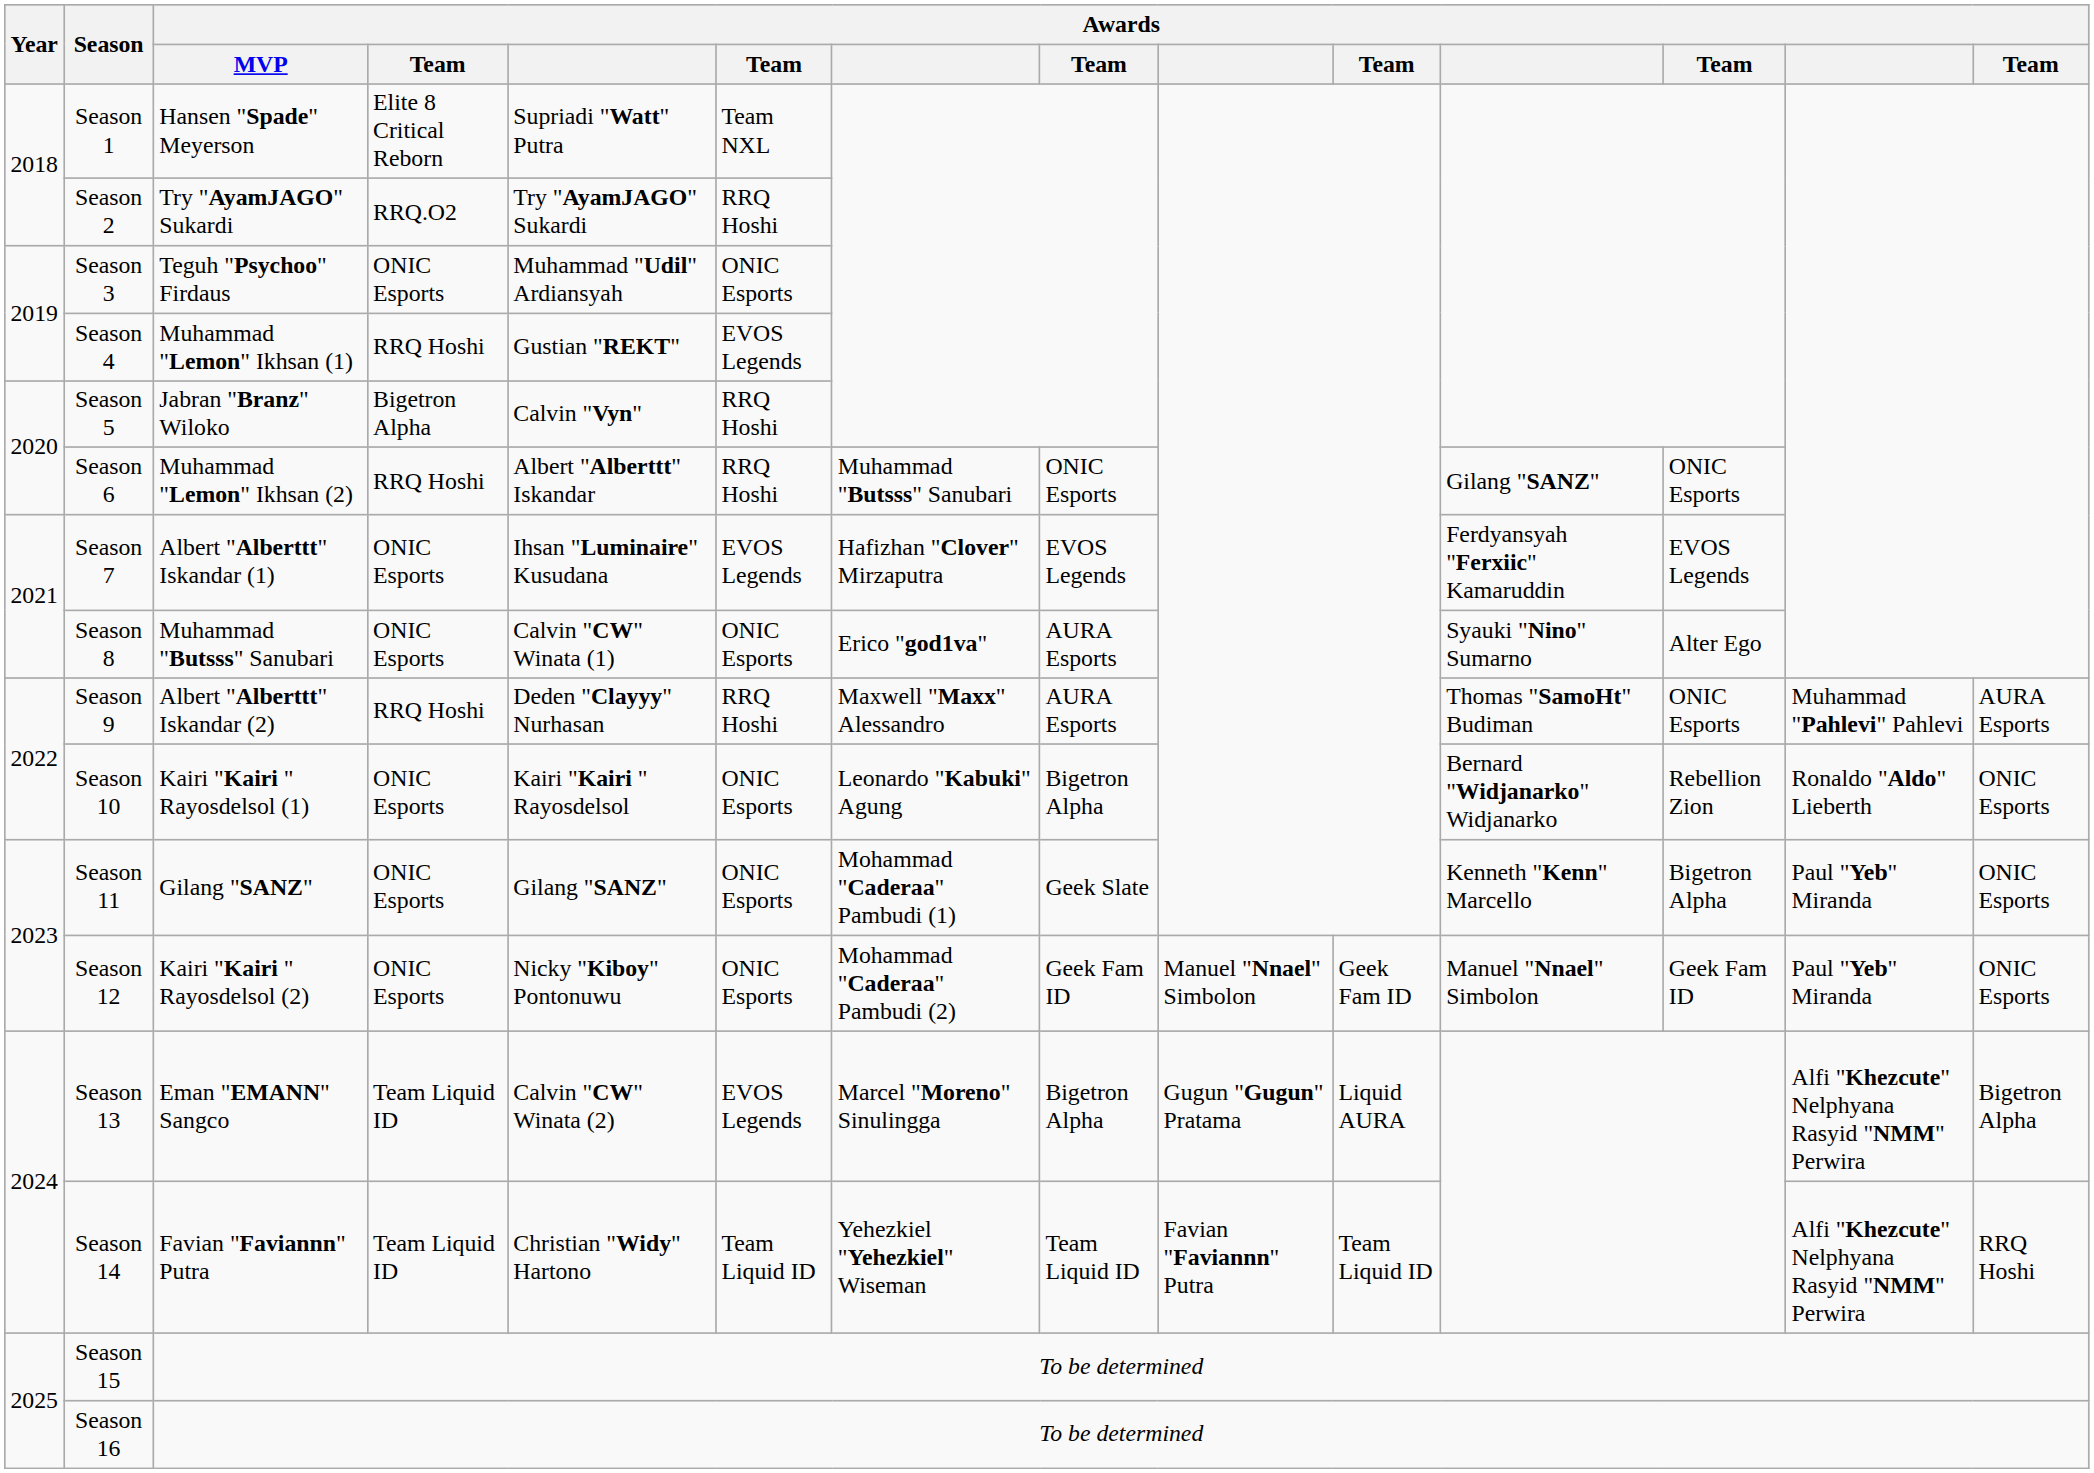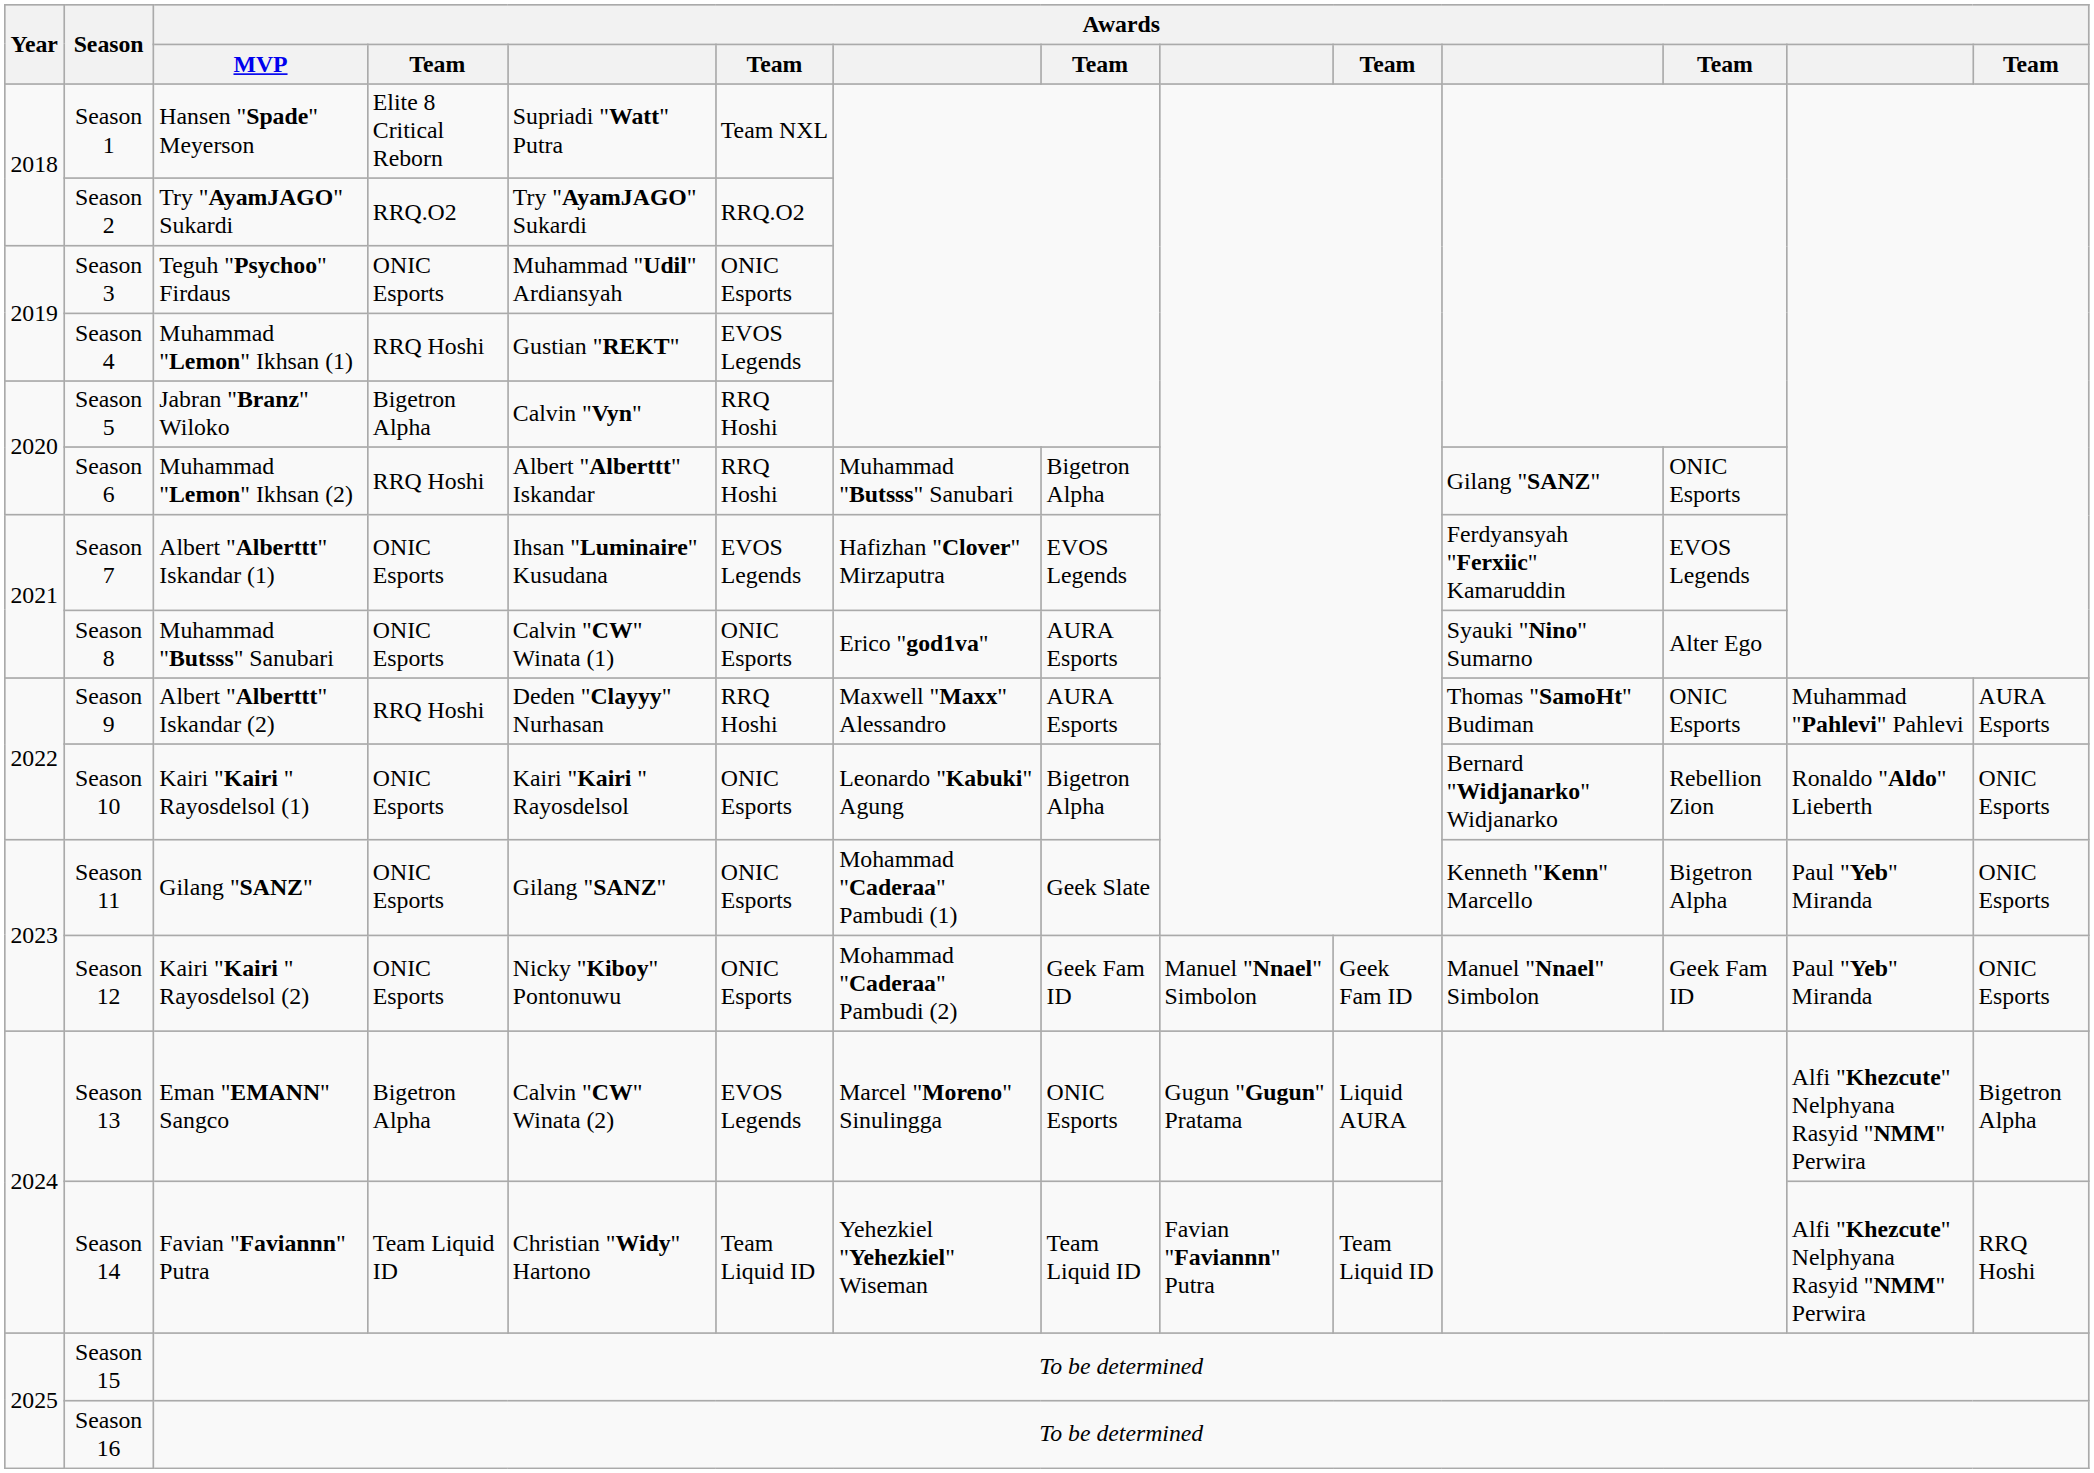 <table class="wikitable" style="margin-left:auto; margin-right: auto; font-size:90%;">
 <tr>
 <th rowspan="2">Year</th>
 <th rowspan="2">Season</th>
 <th colspan="12">Awards</th>
 </tr>
 <tr>
 <th><a href='#'>MVP</a></th>
 <th>Team</th>
 <th></th>
 <th>Team</th>
 <th></th>
 <th>Team</th>
 <th></th>
 <th>Team</th>
 <th></th>
 <th>Team</th>
 <th></th>
 <th>Team</th>
 </tr>
 <tr>
 <td rowspan="2" style="text-align:center;">2018</td>
 <td style="text-align:center;">Season 1</td>
 <td> Hansen "<strong>Spade</strong>" Meyerson</td>
 <td>Elite 8 Critical Reborn</td>
 <td> Supriadi "<strong>Watt</strong>" Putra</td>
 <td>Team NXL</td>
 <td colspan="2" rowspan="5" style="text-align:center;"></td>
 <td colspan="2" rowspan="11" style="text-align:center;"></td>
 <td colspan="2" rowspan="5" style="text-align:center;"></td>
 <td colspan="2" rowspan="8" style="text-align:center;"></td>
 </tr>
 <tr>
 <td style="text-align:center;">Season 2</td>
 <td> Try "<strong>AyamJAGO</strong>" Sukardi</td>
 <td> RRQ.O2</td>
 <td> Try "<strong>AyamJAGO</strong>" Sukardi</td>
-<td> RRQ Hoshi</td>
+<td> RRQ.O2</td>
 </tr>
 <tr>
 <td rowspan="2" style="text-align:center;">2019</td>
 <td style="text-align:center;">Season 3</td>
 <td> Teguh "<strong>Psychoo</strong>" Firdaus</td>
 <td>ONIC Esports</td>
 <td> Muhammad  "<strong>Udil</strong>" Ardiansyah</td>
 <td>ONIC Esports</td>
 </tr>
 <tr>
 <td style="text-align:center;">Season 4</td>
 <td> Muhammad "<strong>Lemon</strong>" Ikhsan (1)</td>
 <td> RRQ Hoshi</td>
 <td> Gustian "<strong>REKT</strong>"</td>
 <td EVOS Esports>EVOS Legends</td>
 </tr>
 <tr>
 <td rowspan="2">2020</td>
 <td style="text-align:center;">Season 5</td>
 <td> Jabran "<strong>Branz</strong>" Wiloko</td>
 <td>Bigetron Alpha</td>
 <td> Calvin "<strong>Vyn</strong>"</td>
 <td> RRQ Hoshi</td>
 </tr>
 <tr>
 <td style="text-align:center;">Season 6</td>
 <td> Muhammad "<strong>Lemon</strong>" Ikhsan (2)</td>
 <td> RRQ Hoshi</td>
 <td> Albert "<strong>Alberttt</strong>" Iskandar</td>
 <td> RRQ Hoshi</td>
 <td> Muhammad  "<strong>Butsss</strong>" Sanubari</td>
-<td>ONIC Esports</td>
+<td>Bigetron Alpha</td>
 <td> Gilang "<strong>SANZ</strong>"</td>
 <td>ONIC Esports</td>
 </tr>
 <tr>
 <td rowspan="2">2021</td>
 <td style="text-align:center;">Season 7</td>
 <td> Albert "<strong>Alberttt</strong>" Iskandar (1)</td>
 <td>ONIC Esports</td>
 <td> Ihsan "<strong>Luminaire</strong>" Kusudana</td>
 <td>EVOS Legends</td>
 <td> Hafizhan "<strong>Clover</strong>" Mirzaputra</td>
 <td>EVOS Legends</td>
 <td> Ferdyansyah "<strong>Ferxiic</strong>" Kamaruddin</td>
 <td>EVOS Legends</td>
 </tr>
 <tr>
 <td style="text-align:center;">Season 8</td>
 <td> Muhammad  "<strong>Butsss</strong>" Sanubari</td>
 <td>ONIC Esports</td>
 <td> Calvin "<strong>CW</strong>" Winata (1)</td>
 <td>ONIC Esports</td>
 <td> Erico "<strong>god1va</strong>"</td>
 <td>AURA Esports</td>
 <td> Syauki "<strong>Nino</strong>" Sumarno</td>
 <td>Alter Ego</td>
 </tr>
 <tr>
 <td rowspan="2">2022</td>
 <td style="text-align:center;">Season 9</td>
 <td> Albert "<strong>Alberttt</strong>" Iskandar (2)</td>
 <td> RRQ Hoshi</td>
 <td> Deden "<strong>Clayyy</strong>" Nurhasan</td>
 <td> RRQ Hoshi</td>
 <td> Maxwell "<strong>Maxx</strong>" Alessandro</td>
 <td>AURA Esports</td>
 <td> Thomas "<strong>SamoHt</strong>" Budiman</td>
 <td>ONIC Esports</td>
 <td> Muhammad "<strong>Pahlevi</strong>" Pahlevi</td>
 <td>AURA Esports</td>
 </tr>
 <tr>
 <td style="text-align:center;">Season 10</td>
 <td> Kairi "<strong>Kairi </strong>" Rayosdelsol (1)</td>
 <td>ONIC Esports</td>
 <td> Kairi "<strong>Kairi </strong>" Rayosdelsol</td>
 <td>ONIC Esports</td>
 <td> Leonardo "<strong>Kabuki</strong>" Agung</td>
 <td>Bigetron Alpha</td>
 <td> Bernard "<strong>Widjanarko</strong>" Widjanarko</td>
 <td>Rebellion Zion</td>
 <td> Ronaldo "<strong>Aldo</strong>" Lieberth</td>
 <td>ONIC Esports</td>
 </tr>
 <tr>
 <td rowspan="2">2023</td>
 <td style="text-align:center;">Season 11</td>
 <td> Gilang "<strong>SANZ</strong>"</td>
 <td>ONIC Esports</td>
 <td> Gilang "<strong>SANZ</strong>"</td>
 <td>ONIC Esports</td>
 <td> Mohammad "<strong>Caderaa</strong>" Pambudi (1)</td>
 <td>Geek Slate</td>
 <td> Kenneth "<strong>Kenn</strong>" Marcello</td>
 <td>Bigetron Alpha</td>
 <td> Paul "<strong>Yeb</strong>" Miranda</td>
 <td>ONIC Esports</td>
 </tr>
 <tr>
 <td style="text-align:center;">Season 12</td>
 <td> Kairi "<strong>Kairi </strong>" Rayosdelsol (2)</td>
 <td>ONIC Esports</td>
 <td> Nicky "<strong>Kiboy</strong>" Pontonuwu</td>
 <td>ONIC Esports</td>
 <td> Mohammad "<strong>Caderaa</strong>" Pambudi  (2)</td>
 <td>Geek Fam ID</td>
 <td> Manuel "<strong>Nnael</strong>" Simbolon</td>
 <td>Geek Fam ID</td>
 <td> Manuel "<strong>Nnael</strong>" Simbolon</td>
 <td>Geek Fam ID</td>
 <td> Paul "<strong>Yeb</strong>" Miranda</td>
 <td>ONIC Esports</td>
 </tr>
 <tr>
 <td rowspan="2">2024</td>
 <td style="text-align:center;">Season 13</td>
 <td> Eman "<strong>EMANN</strong>" Sangco</td>
-<td>Team Liquid ID</td>
+<td>Bigetron Alpha</td>
 <td> Calvin "<strong>CW</strong>" Winata (2)</td>
 <td EVOS Esports>EVOS Legends</td>
 <td> Marcel "<strong>Moreno</strong>" Sinulingga</td>
-<td>Bigetron Alpha</td>
+<td>ONIC Esports</td>
 <td> Gugun "<strong>Gugun</strong>" Pratama</td>
 <td>Liquid AURA</td>
 <td colspan="2" rowspan="2" style="text-align:center;"></td>
 <td><div><br> Alfi "<strong>Khezcute</strong>" Nelphyana<br>  Rasyid "<strong>NMM</strong>" Perwira </div></td>
 <td>Bigetron Alpha</td>
 </tr>
 <tr>
 <td style="text-align:center;">Season 14</td>
 <td> Favian "<strong>Faviannn</strong>" Putra</td>
 <td>Team Liquid ID</td>
 <td> Christian "<strong>Widy</strong>" Hartono</td>
 <td>Team Liquid ID</td>
 <td> Yehezkiel "<strong>Yehezkiel</strong>" Wiseman</td>
 <td>Team Liquid ID</td>
 <td> Favian "<strong>Faviannn</strong>" Putra</td>
 <td>Team Liquid ID</td>
 <td><div><br> Alfi "<strong>Khezcute</strong>" Nelphyana<br>  Rasyid "<strong>NMM</strong>" Perwira </div></td>
 <td> RRQ Hoshi</td>
 </tr>
 <tr>
 <td rowspan="2">2025</td>
 <td style="text-align:center;">Season 15</td>
 <td colspan="12" style="text-align:center;"><em>To be determined</em></td>
 </tr>
 <tr>
 <td style="text-align:center;">Season 16</td>
 <td colspan="12" style="text-align:center;"><em>To be determined</em></td>
 </tr>
 </table>
